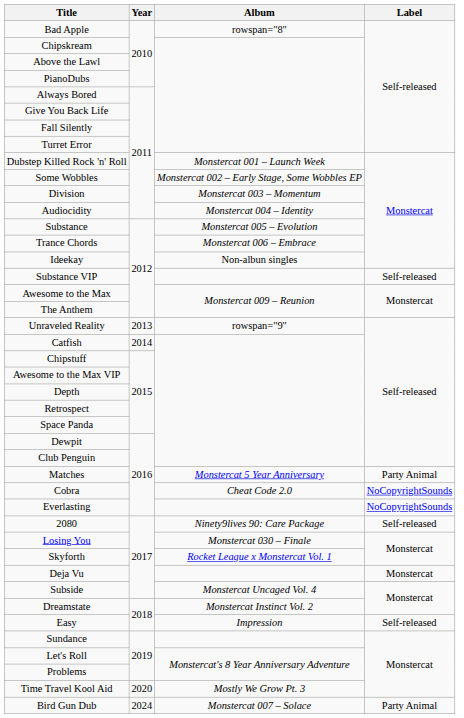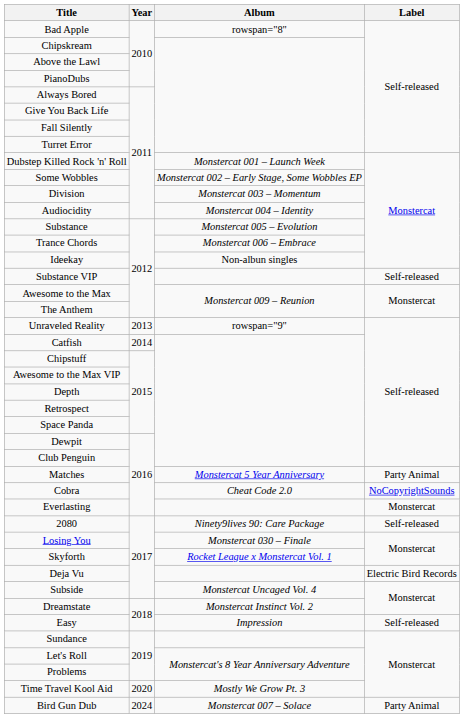 <table class="wikitable plainrowheaders" style="text-align:center;">
 <tr>
 <th scope="col">Title</th>
 <th scope="col">Year</th>
 <th scope="col">Album</th>
 <th scope="col">Label</th>
 </tr>
 <tr>
 <td>Bad Apple</td>
 <td rowspan="4">2010</td>
 <td>rowspan="8" </td>
 <td rowspan="8">Self-released</td>
 </tr>
 <tr>
 <td>Chipskream</td>
 </tr>
 <tr>
 <td>Above the Lawl </td>
 </tr>
 <tr>
 <td>PianoDubs</td>
 </tr>
 <tr>
 <td>Always Bored</td>
 <td rowspan="8">2011</td>
 </tr>
 <tr>
 <td>Give You Back Life </td>
 </tr>
 <tr>
 <td>Fall Silently </td>
 </tr>
 <tr>
 <td>Turret Error</td>
 </tr>
 <tr>
 <td>Dubstep Killed Rock 'n' Roll</td>
 <td><em>Monstercat 001 – Launch Week</em></td>
 <td rowspan="7"><a href='#'>Monstercat</a></td>
 </tr>
 <tr>
 <td>Some Wobbles</td>
 <td><em>Monstercat 002 – Early Stage</em>, <em>Some Wobbles EP</em></td>
 </tr>
 <tr>
 <td>Division</td>
 <td><em>Monstercat 003 – Momentum</em></td>
 </tr>
 <tr>
 <td>Audiocidity</td>
 <td><em>Monstercat 004 – Identity</em></td>
 </tr>
 <tr>
 <td>Substance </td>
 <td rowspan="6">2012</td>
 <td><em>Monstercat 005 – Evolution</em></td>
 </tr>
 <tr>
 <td>Trance Chords</td>
 <td><em>Monstercat 006 – Embrace</em></td>
 </tr>
 <tr>
 <td>Ideekay</td>
 <td>Non-albun singles</td>
 </tr>
 <tr>
 <td>Substance VIP </td>
 <td></td>
 <td>Self-released</td>
 </tr>
 <tr>
 <td>Awesome to the Max</td>
 <td rowspan="2"><em>Monstercat 009 – Reunion</em></td>
 <td rowspan="2">Monstercat</td>
 </tr>
 <tr>
 <td>The Anthem </td>
 </tr>
 <tr>
 <td>Unraveled Reality</td>
 <td>2013</td>
 <td>rowspan="9" </td>
 <td rowspan="9">Self-released</td>
 </tr>
 <tr>
 <td>Catfish</td>
 <td>2014</td>
 </tr>
 <tr>
 <td>Chipstuff</td>
 <td rowspan="5">2015</td>
 </tr>
 <tr>
 <td>Awesome to the Max VIP</td>
 </tr>
 <tr>
 <td>Depth </td>
 </tr>
 <tr>
 <td>Retrospect</td>
 </tr>
 <tr>
 <td>Space Panda </td>
 </tr>
 <tr>
 <td>Dewpit</td>
 <td rowspan="5">2016</td>
 </tr>
 <tr>
 <td>Club Penguin</td>
 </tr>
 <tr>
 <td>Matches </td>
 <td><em><a href='#'>Monstercat 5 Year Anniversary</a></em></td>
 <td>Party Animal</td>
 </tr>
 <tr>
 <td>Cobra </td>
 <td><em>Cheat Code 2.0</em></td>
 <td><a href='#'>NoCopyrightSounds</a></td>
 </tr>
 <tr>
 <td>Everlasting </td>
 <td></td>
-<td><a href='#'>NoCopyrightSounds</a></td>
+<td>Monstercat</td>
 </tr>
 <tr>
 <td>2080 </td>
 <td rowspan="5">2017</td>
 <td><em>Ninety9lives 90: Care Package</em></td>
 <td>Self-released</td>
 </tr>
 <tr>
 <td><a href='#'>Losing You</a> </td>
 <td><em>Monstercat 030 – Finale</em></td>
 <td rowspan="2">Monstercat</td>
 </tr>
 <tr>
 <td>Skyforth</td>
 <td><em><a href='#'>Rocket League x Monstercat Vol. 1</a></em></td>
 </tr>
 <tr>
 <td>Deja Vu </td>
 <td></td>
-<td>Monstercat</td>
+<td>Electric Bird Records</td>
 </tr>
 <tr>
 <td>Subside </td>
 <td><em>Monstercat Uncaged Vol. 4</em></td>
 <td rowspan="2">Monstercat</td>
 </tr>
 <tr>
 <td>Dreamstate</td>
 <td rowspan="2">2018</td>
 <td><em>Monstercat Instinct Vol. 2</em></td>
 </tr>
 <tr>
 <td>Easy </td>
 <td><em>Impression</em></td>
 <td>Self-released</td>
 </tr>
 <tr>
 <td>Sundance </td>
 <td rowspan="3">2019</td>
 <td></td>
 <td rowspan="4">Monstercat</td>
 </tr>
 <tr>
 <td>Let's Roll </td>
 <td rowspan="2"><em>Monstercat's 8 Year Anniversary Adventure</em></td>
 </tr>
 <tr>
 <td>Problems </td>
 </tr>
 <tr>
 <td>Time Travel Kool Aid </td>
 <td rowspan="1">2020</td>
 <td><em>Mostly We Grow Pt. 3</em></td>
 </tr>
 <tr>
 <td>Bird Gun Dub</td>
 <td>2024</td>
 <td><em>Monstercat 007 – Solace</em></td>
 <td>Party Animal</td>
 </tr>
 </table>
